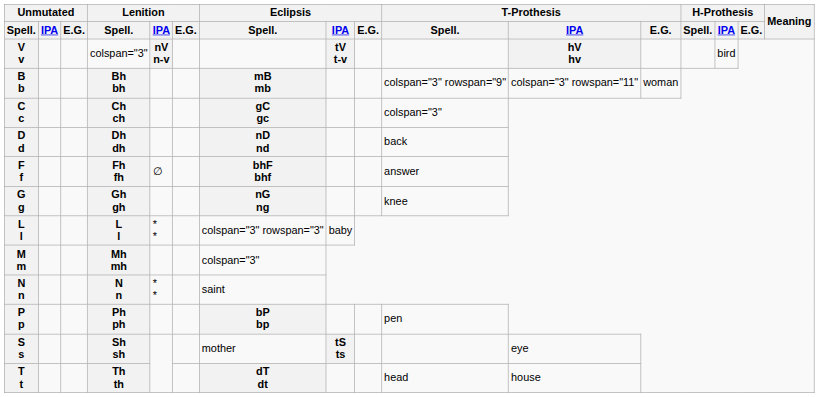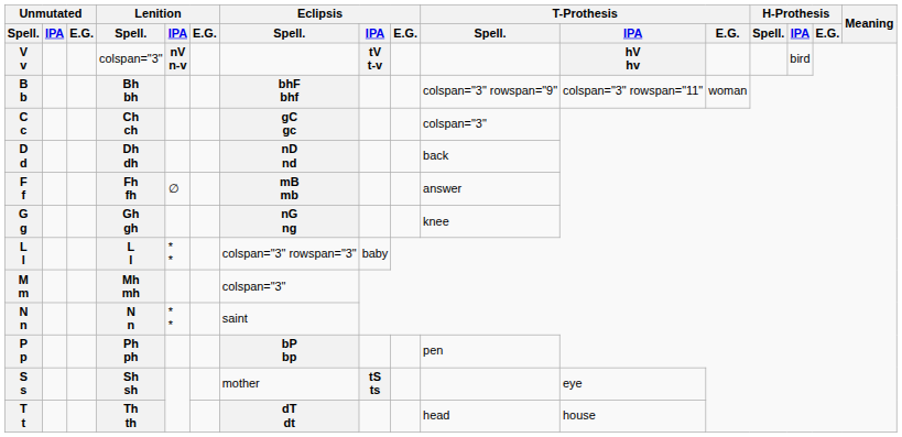 <table class="wikitable">
 <tr>
 <th colspan="3">Unmutated</th>
 <th colspan="3">Lenition</th>
 <th colspan="3">Eclipsis</th>
 <th colspan="3">T-Prothesis</th>
 <th colspan="3">H-Prothesis</th>
 <th rowspan="2">Meaning</th>
 </tr>
 <tr>
 <th>Spell.</th>
 <th><a href='#'>IPA</a></th>
 <th>E.G.</th>
 <th>Spell.</th>
 <th><a href='#'>IPA</a></th>
 <th>E.G.</th>
 <th>Spell.</th>
 <th><a href='#'>IPA</a></th>
 <th>E.G.</th>
 <th>Spell.</th>
 <th><a href='#'>IPA</a></th>
 <th>E.G.</th>
 <th>Spell.</th>
 <th><a href='#'>IPA</a></th>
 <th>E.G.</th>
 </tr>
 <tr>
 <th>V<br>v</th>
 <td></td>
 <td><br></td>
 <td>colspan="3" </td>
 <th>nV<br>n-v</th>
 <td><br></td>
 <td><br></td>
 <th>tV<br>t-v</th>
 <td><br></td>
 <td><br></td>
 <th>hV<em><br></em>hv</th>
 <td></td>
 <td><br></td>
 <td>bird</td>
 </tr>
 <tr>
 <th>B<br>b</th>
 <td><br></td>
 <td><br></td>
 <th>Bh<br>bh</th>
 <td><br></td>
 <td><br></td>
-<th>mB<br>mb</th>
+<th>bhF<br>bhf</th>
 <td><br></td>
 <td><br></td>
 <td>colspan="3" rowspan="9" </td>
 <td>colspan="3" rowspan="11" </td>
 <td>woman</td>
 </tr>
 <tr>
 <th>C<br>c</th>
 <td><br></td>
 <td><br></td>
 <th>Ch<br>ch</th>
 <td><br></td>
 <td><br></td>
 <th>gC<br>gc</th>
 <td><br></td>
 <td><br></td>
 <td>colspan="3" </td>
 </tr>
 <tr>
 <th>D<br>d</th>
 <td><br></td>
 <td><br></td>
 <th>Dh<br>dh</th>
 <td><br></td>
 <td><br></td>
 <th>nD<br>nd</th>
 <td><br></td>
 <td><br></td>
 <td>back</td>
 </tr>
 <tr>
 <th>F<br>f</th>
 <td><br></td>
 <td><br></td>
 <th>Fh<br>fh</th>
 <td>∅</td>
 <td><br></td>
-<th>bhF<br>bhf</th>
+<th>mB<br>mb</th>
 <td><br></td>
 <td><br></td>
 <td>answer</td>
 </tr>
 <tr>
 <th>G<br>g</th>
 <td><br></td>
 <td><br></td>
 <th>Gh<br>gh</th>
 <td><br></td>
 <td><br></td>
 <th>nG<br>ng</th>
 <td><br></td>
 <td><br></td>
 <td>knee</td>
 </tr>
 <tr>
 <th>L<br>l</th>
 <td><br></td>
 <td><br></td>
 <th>L<br>l</th>
 <td>*<br>*</td>
 <td><br></td>
 <td>colspan="3" rowspan="3" </td>
 <td>baby</td>
 </tr>
 <tr>
 <th>M<br>m</th>
 <td><br></td>
 <td><br></td>
 <th>Mh<br>mh</th>
 <td><br></td>
 <td><br></td>
 <td>colspan="3" </td>
 </tr>
 <tr>
 <th>N<br>n</th>
 <td><br></td>
 <td><br></td>
 <th>N<br>n</th>
 <td>*<br>*</td>
 <td><br></td>
 <td>saint</td>
 </tr>
 <tr>
 <th>P<br>p</th>
 <td><br></td>
 <td><br></td>
 <th>Ph<br>ph</th>
 <td><br></td>
 <td><br></td>
 <th>bP<br>bp</th>
 <td><br></td>
 <td><br></td>
 <td>pen</td>
 </tr>
 <tr>
 <th>S<br>s</th>
 <td><br></td>
 <td><br></td>
 <th>Sh<br>sh</th>
 <td rowspan=2></td>
 <td><br></td>
 <td>mother</td>
 <th>tS<br>ts</th>
 <td><br></td>
 <td><br></td>
 <td>eye</td>
 </tr>
 <tr>
 <th>T<br>t</th>
 <td><br></td>
 <td><br></td>
 <th>Th<br>th</th>
 <td><br></td>
 <th>dT<br>dt</th>
 <td><br></td>
 <td><br></td>
 <td>head</td>
 <td>house</td>
 </tr>
 </table>
